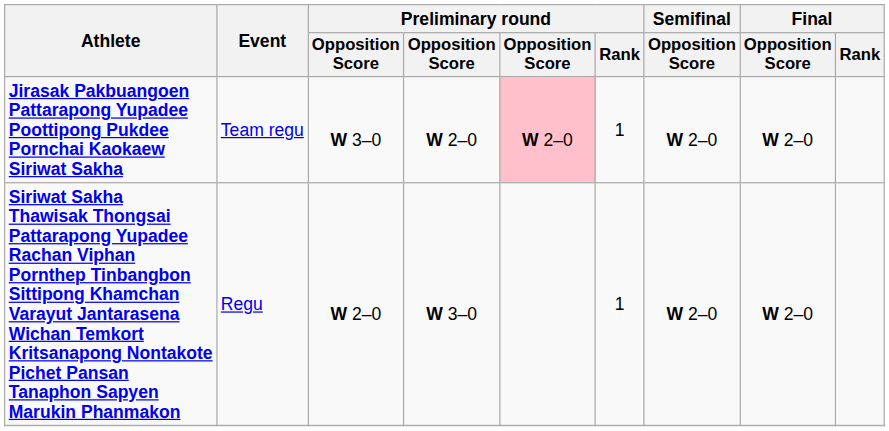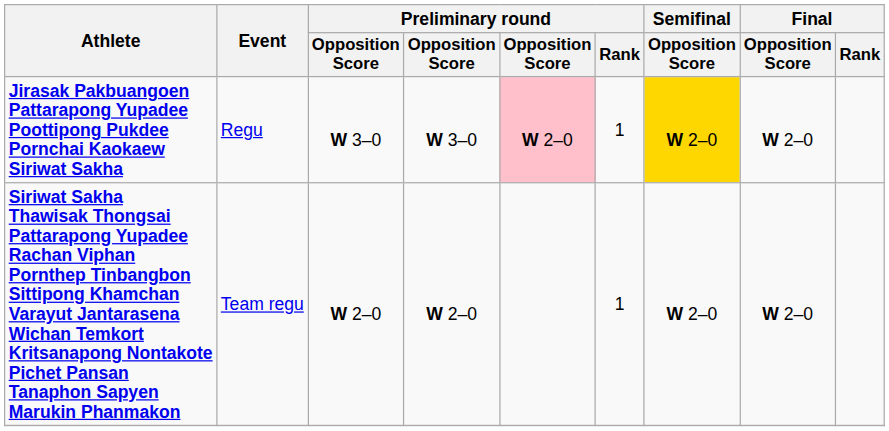 <table class=wikitable style="font-size:90%">
 <tr>
 <th rowspan="2">Athlete</th>
 <th rowspan="2">Event</th>
 <th colspan=4>Preliminary round</th>
 <th>Semifinal</th>
 <th colspan=2>Final</th>
 </tr>
 <tr style="font-size:95%">
 <th>Opposition<br>Score</th>
 <th>Opposition<br>Score</th>
 <th>Opposition<br>Score</th>
 <th>Rank</th>
 <th>Opposition<br>Score</th>
 <th>Opposition<br>Score</th>
 <th>Rank</th>
 </tr>
 <tr>
 <td><strong><a href='#'>Jirasak Pakbuangoen</a><br><a href='#'>Pattarapong Yupadee</a><br><a href='#'>Poottipong Pukdee</a><br><a href='#'>Pornchai Kaokaew</a><br><a href='#'>Siriwat Sakha</a></strong></td>
-<td><a href='#'>Team regu</a></td>
+<td><a href='#'>Regu</a></td>
 <td align=center> <br><strong>W</strong> 3–0</td>
-<td align=center> <br><strong>W</strong> 2–0</td>
+<td align=center> <br><strong>W</strong> 3–0</td>
 <td align=center style="background: pink;"> <br><strong>W</strong> 2–0</td>
 <td align=center>1  <strong></strong></td>
-<td align=center> <br><strong>W</strong> 2–0</td>
+<td align=center style="background: gold;"> <br><strong>W</strong> 2–0</td>
 <td align=center> <br><strong>W</strong> 2–0</td>
 <td align=center></td>
 </tr>
 <tr>
 <td><strong><a href='#'>Siriwat Sakha</a><br><a href='#'>Thawisak Thongsai</a><br><a href='#'>Pattarapong Yupadee</a><br><a href='#'>Rachan Viphan</a><br><a href='#'>Pornthep Tinbangbon</a><br><a href='#'>Sittipong Khamchan</a><br><a href='#'>Varayut Jantarasena</a><br><a href='#'>Wichan Temkort</a><br><a href='#'>Kritsanapong Nontakote</a><br><a href='#'>Pichet Pansan</a><br><a href='#'>Tanaphon Sapyen</a><br><a href='#'>Marukin Phanmakon</a></strong></td>
-<td><a href='#'>Regu</a></td>
+<td><a href='#'>Team regu</a></td>
 <td align=center> <br><strong>W</strong> 2–0</td>
-<td align=center> <br><strong>W</strong> 3–0</td>
+<td align=center> <br><strong>W</strong> 2–0</td>
 <td></td>
 <td align=center>1 <strong></strong></td>
 <td align=center> <br> <strong>W</strong> 2–0</td>
 <td align=center> <br> <strong>W</strong> 2–0</td>
 <td align=center></td>
 </tr>
 <tr>
 </tr>
 </table>
